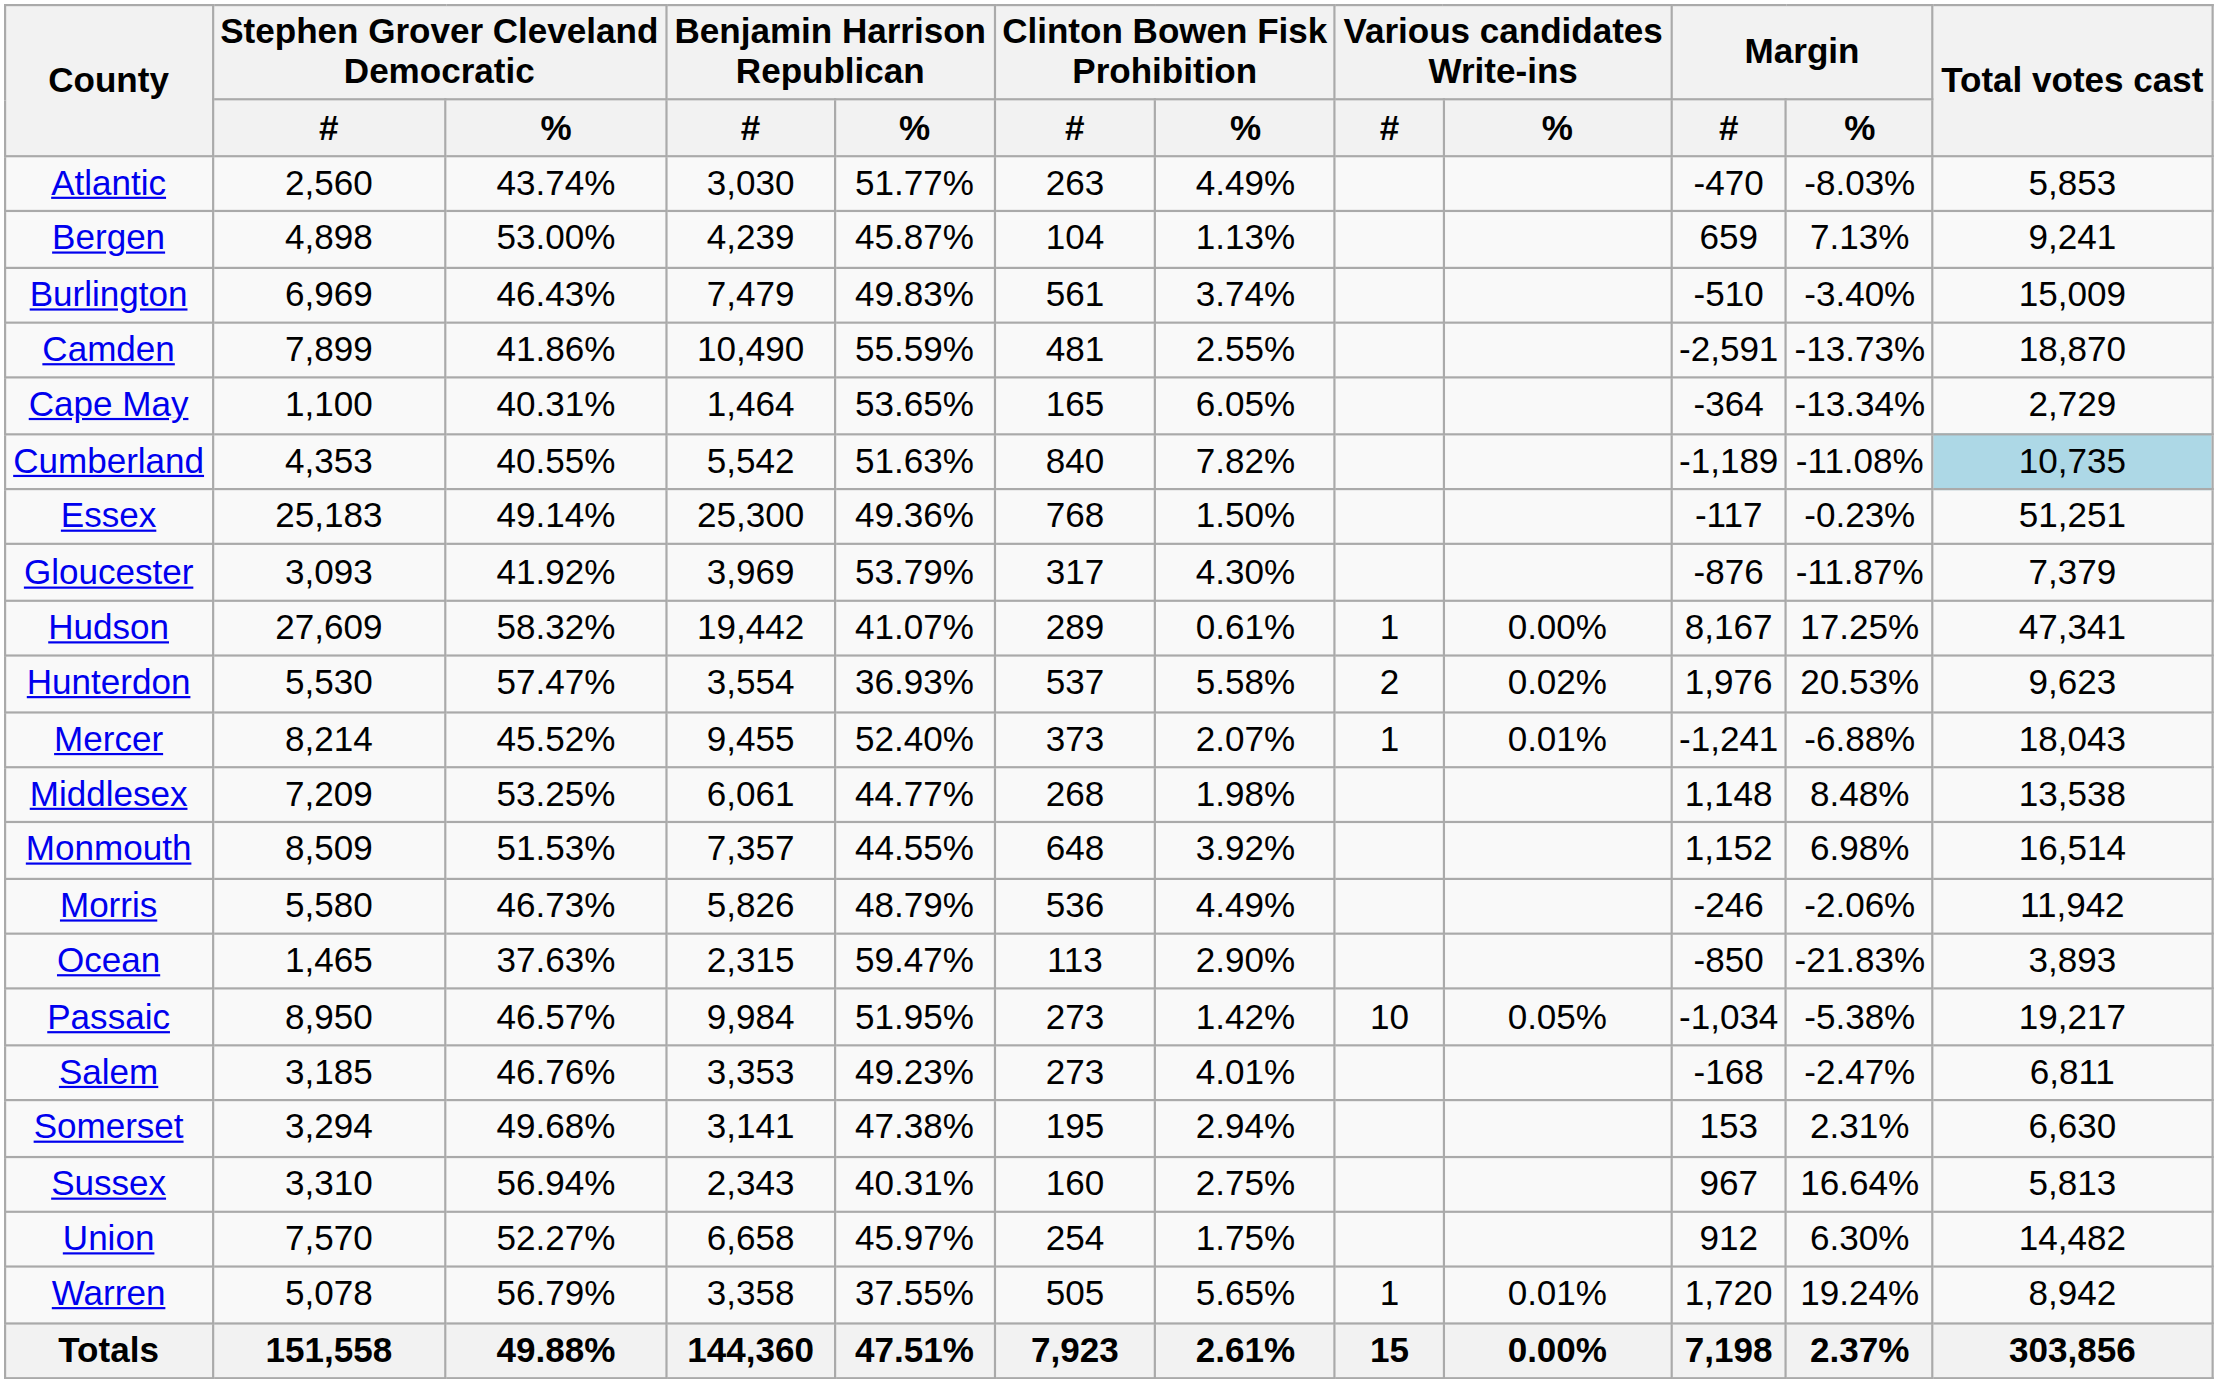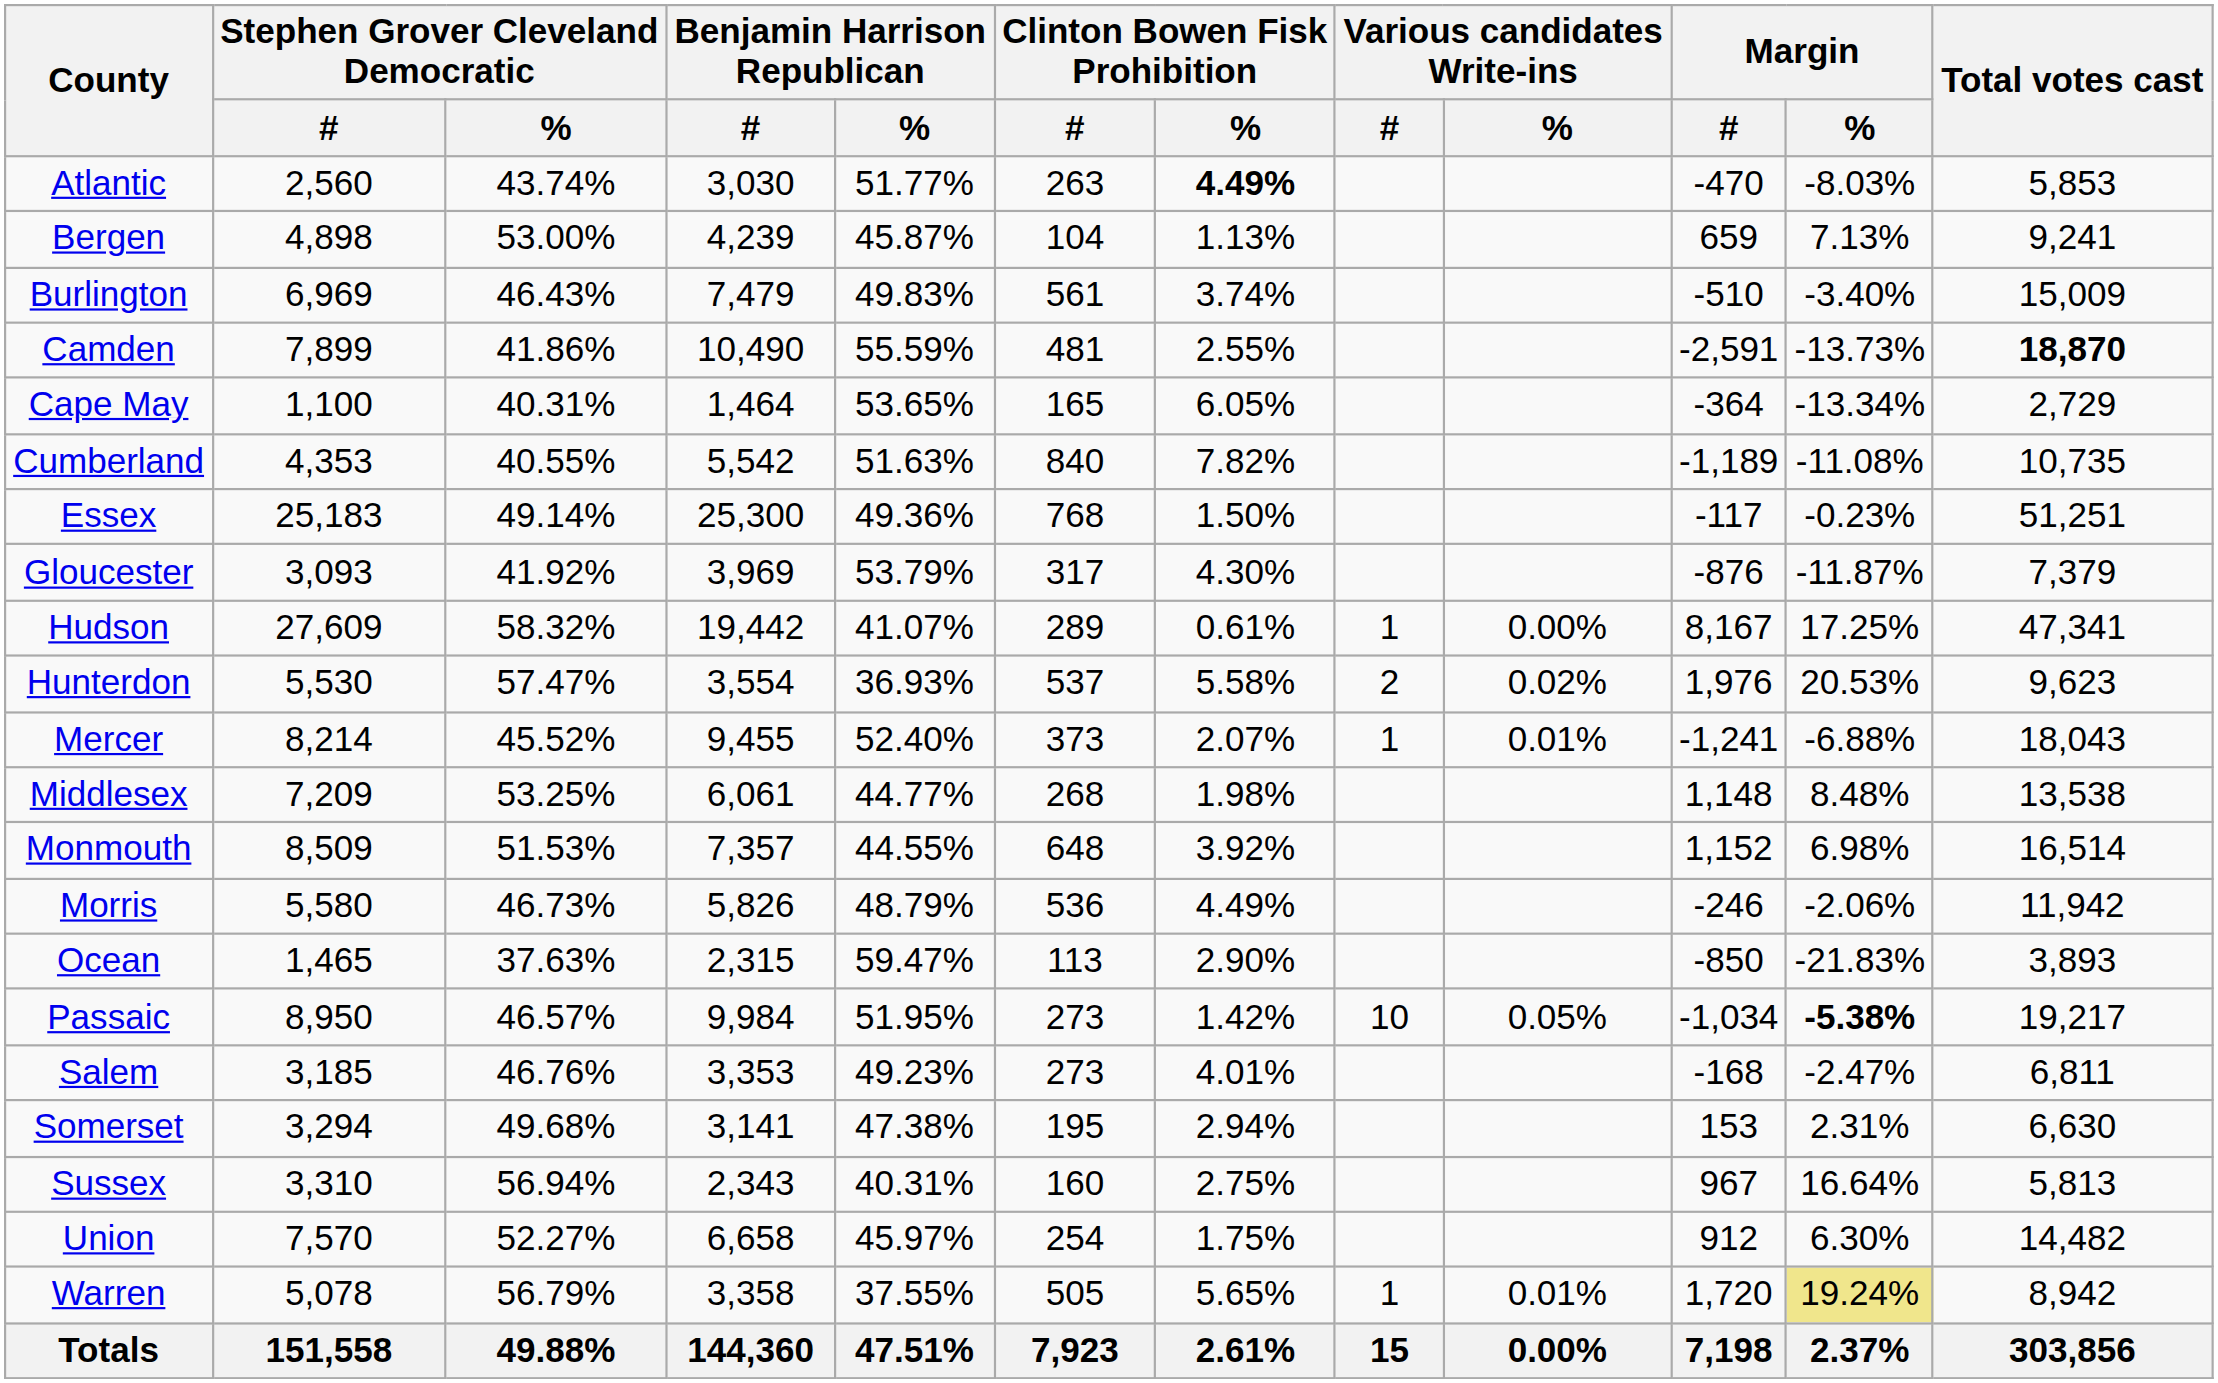 <table class="wikitable sortable">
 <tr>
 <th rowspan="2">County</th>
 <th colspan="2">Stephen Grover Cleveland<br>Democratic</th>
 <th colspan="2">Benjamin Harrison<br>Republican</th>
 <th colspan="2">Clinton Bowen Fisk<br>Prohibition</th>
 <th colspan="2">Various candidates<br>Write-ins</th>
 <th colspan="2">Margin</th>
 <th rowspan="2" data-sort-type="number">Total votes cast </th>
 </tr>
 <tr>
 <th data-sort-type="number">#</th>
 <th data-sort-type="number">%</th>
 <th data-sort-type="number">#</th>
 <th data-sort-type="number">%</th>
 <th data-sort-type="number">#</th>
 <th data-sort-type="number">%</th>
 <th data-sort-type="number">#</th>
 <th data-sort-type="number">%</th>
 <th data-sort-type="number">#</th>
 <th data-sort-type="number">%</th>
 </tr>
 <tr style="text-align:center;">
 <td><a href='#'>Atlantic</a></td>
 <td>2,560</td>
 <td>43.74%</td>
 <td>3,030</td>
 <td>51.77%</td>
 <td>263</td>
-<td>4.49%</td>
+<td><strong>4.49%</strong></td>
 <td></td>
 <td></td>
 <td>-470</td>
 <td>-8.03%</td>
 <td>5,853</td>
 </tr>
 <tr style="text-align:center;">
 <td><a href='#'>Bergen</a></td>
 <td>4,898</td>
 <td>53.00%</td>
 <td>4,239</td>
 <td>45.87%</td>
 <td>104</td>
 <td>1.13%</td>
 <td></td>
 <td></td>
 <td>659</td>
 <td>7.13%</td>
 <td>9,241</td>
 </tr>
 <tr style="text-align:center;">
 <td><a href='#'>Burlington</a></td>
 <td>6,969</td>
 <td>46.43%</td>
 <td>7,479</td>
 <td>49.83%</td>
 <td>561</td>
 <td>3.74%</td>
 <td></td>
 <td></td>
 <td>-510</td>
 <td>-3.40%</td>
 <td>15,009</td>
 </tr>
 <tr style="text-align:center;">
 <td><a href='#'>Camden</a></td>
 <td>7,899</td>
 <td>41.86%</td>
 <td>10,490</td>
 <td>55.59%</td>
 <td>481</td>
 <td>2.55%</td>
 <td></td>
 <td></td>
 <td>-2,591</td>
 <td>-13.73%</td>
-<td>18,870</td>
+<td><strong>18,870</strong></td>
 </tr>
 <tr style="text-align:center;">
 <td><a href='#'>Cape May</a></td>
 <td>1,100</td>
 <td>40.31%</td>
 <td>1,464</td>
 <td>53.65%</td>
 <td>165</td>
 <td>6.05%</td>
 <td></td>
 <td></td>
 <td>-364</td>
 <td>-13.34%</td>
 <td>2,729</td>
 </tr>
 <tr style="text-align:center;">
 <td><a href='#'>Cumberland</a></td>
 <td>4,353</td>
 <td>40.55%</td>
 <td>5,542</td>
 <td>51.63%</td>
 <td>840</td>
 <td>7.82%</td>
 <td></td>
 <td></td>
 <td>-1,189</td>
 <td>-11.08%</td>
-<td style="background: lightblue;">10,735</td>
+<td>10,735</td>
 </tr>
 <tr style="text-align:center;">
 <td><a href='#'>Essex</a></td>
 <td>25,183</td>
 <td>49.14%</td>
 <td>25,300</td>
 <td>49.36%</td>
 <td>768</td>
 <td>1.50%</td>
 <td></td>
 <td></td>
 <td>-117</td>
 <td>-0.23%</td>
 <td>51,251</td>
 </tr>
 <tr style="text-align:center;">
 <td><a href='#'>Gloucester</a></td>
 <td>3,093</td>
 <td>41.92%</td>
 <td>3,969</td>
 <td>53.79%</td>
 <td>317</td>
 <td>4.30%</td>
 <td></td>
 <td></td>
 <td>-876</td>
 <td>-11.87%</td>
 <td>7,379</td>
 </tr>
 <tr style="text-align:center;">
 <td><a href='#'>Hudson</a></td>
 <td>27,609</td>
 <td>58.32%</td>
 <td>19,442</td>
 <td>41.07%</td>
 <td>289</td>
 <td>0.61%</td>
 <td>1</td>
 <td>0.00%</td>
 <td>8,167</td>
 <td>17.25%</td>
 <td>47,341</td>
 </tr>
 <tr style="text-align:center;">
 <td><a href='#'>Hunterdon</a></td>
 <td>5,530</td>
 <td>57.47%</td>
 <td>3,554</td>
 <td>36.93%</td>
 <td>537</td>
 <td>5.58%</td>
 <td>2</td>
 <td>0.02%</td>
 <td>1,976</td>
 <td>20.53%</td>
 <td>9,623</td>
 </tr>
 <tr style="text-align:center;">
 <td><a href='#'>Mercer</a></td>
 <td>8,214</td>
 <td>45.52%</td>
 <td>9,455</td>
 <td>52.40%</td>
 <td>373</td>
 <td>2.07%</td>
 <td>1</td>
 <td>0.01%</td>
 <td>-1,241</td>
 <td>-6.88%</td>
 <td>18,043</td>
 </tr>
 <tr style="text-align:center;">
 <td><a href='#'>Middlesex</a></td>
 <td>7,209</td>
 <td>53.25%</td>
 <td>6,061</td>
 <td>44.77%</td>
 <td>268</td>
 <td>1.98%</td>
 <td></td>
 <td></td>
 <td>1,148</td>
 <td>8.48%</td>
 <td>13,538</td>
 </tr>
 <tr style="text-align:center;">
 <td><a href='#'>Monmouth</a></td>
 <td>8,509</td>
 <td>51.53%</td>
 <td>7,357</td>
 <td>44.55%</td>
 <td>648</td>
 <td>3.92%</td>
 <td></td>
 <td></td>
 <td>1,152</td>
 <td>6.98%</td>
 <td>16,514</td>
 </tr>
 <tr style="text-align:center;">
 <td><a href='#'>Morris</a></td>
 <td>5,580</td>
 <td>46.73%</td>
 <td>5,826</td>
 <td>48.79%</td>
 <td>536</td>
 <td>4.49%</td>
 <td></td>
 <td></td>
 <td>-246</td>
 <td>-2.06%</td>
 <td>11,942</td>
 </tr>
 <tr style="text-align:center;">
 <td><a href='#'>Ocean</a></td>
 <td>1,465</td>
 <td>37.63%</td>
 <td>2,315</td>
 <td>59.47%</td>
 <td>113</td>
 <td>2.90%</td>
 <td></td>
 <td></td>
 <td>-850</td>
 <td>-21.83%</td>
 <td>3,893</td>
 </tr>
 <tr style="text-align:center;">
 <td><a href='#'>Passaic</a></td>
 <td>8,950</td>
 <td>46.57%</td>
 <td>9,984</td>
 <td>51.95%</td>
 <td>273</td>
 <td>1.42%</td>
 <td>10</td>
 <td>0.05%</td>
 <td>-1,034</td>
-<td>-5.38%</td>
+<td><strong>-5.38%</strong></td>
 <td>19,217</td>
 </tr>
 <tr style="text-align:center;">
 <td><a href='#'>Salem</a></td>
 <td>3,185</td>
 <td>46.76%</td>
 <td>3,353</td>
 <td>49.23%</td>
 <td>273</td>
 <td>4.01%</td>
 <td></td>
 <td></td>
 <td>-168</td>
 <td>-2.47%</td>
 <td>6,811</td>
 </tr>
 <tr style="text-align:center;">
 <td><a href='#'>Somerset</a></td>
 <td>3,294</td>
 <td>49.68%</td>
 <td>3,141</td>
 <td>47.38%</td>
 <td>195</td>
 <td>2.94%</td>
 <td></td>
 <td></td>
 <td>153</td>
 <td>2.31%</td>
 <td>6,630</td>
 </tr>
 <tr style="text-align:center;">
 <td><a href='#'>Sussex</a></td>
 <td>3,310</td>
 <td>56.94%</td>
 <td>2,343</td>
 <td>40.31%</td>
 <td>160</td>
 <td>2.75%</td>
 <td></td>
 <td></td>
 <td>967</td>
 <td>16.64%</td>
 <td>5,813</td>
 </tr>
 <tr style="text-align:center;">
 <td><a href='#'>Union</a></td>
 <td>7,570</td>
 <td>52.27%</td>
 <td>6,658</td>
 <td>45.97%</td>
 <td>254</td>
 <td>1.75%</td>
 <td></td>
 <td></td>
 <td>912</td>
 <td>6.30%</td>
 <td>14,482</td>
 </tr>
 <tr style="text-align:center;">
 <td><a href='#'>Warren</a></td>
 <td>5,078</td>
 <td>56.79%</td>
 <td>3,358</td>
 <td>37.55%</td>
 <td>505</td>
 <td>5.65%</td>
 <td>1</td>
 <td>0.01%</td>
 <td>1,720</td>
-<td>19.24%</td>
+<td style="background: khaki;">19.24%</td>
 <td>8,942</td>
 </tr>
 <tr>
 <th>Totals</th>
 <th>151,558</th>
 <th>49.88%</th>
 <th>144,360</th>
 <th>47.51%</th>
 <th>7,923</th>
 <th>2.61%</th>
 <th>15</th>
 <th>0.00%</th>
 <th>7,198</th>
 <th>2.37%</th>
 <th>303,856</th>
 </tr>
 </table>
